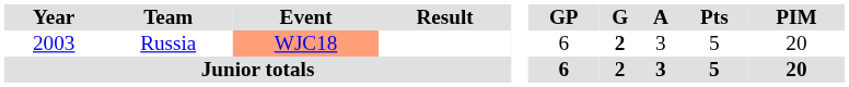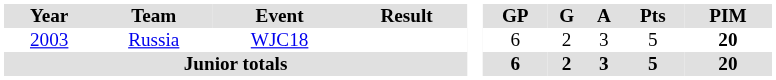 <table border="0" cellpadding="1" cellspacing="0" style="text-align:center; width:40em">
 <tr ALIGN="center" bgcolor="#e0e0e0">
 <th>Year</th>
 <th>Team</th>
 <th>Event</th>
 <th>Result</th>
 <th rowspan="99" bgcolor="#ffffff"> </th>
 <th>GP</th>
 <th>G</th>
 <th>A</th>
 <th>Pts</th>
 <th>PIM</th>
 </tr>
 <tr>
 <td><a href='#'>2003</a></td>
 <td><a href='#'>Russia</a></td>
-<td style="background: lightsalmon;"><a href='#'>WJC18</a></td>
+<td><a href='#'>WJC18</a></td>
 <td></td>
 <td>6</td>
-<td><strong>2</strong></td>
+<td>2</td>
 <td>3</td>
 <td>5</td>
-<td>20</td>
+<td><strong>20</strong></td>
 </tr>
 <tr bgcolor="#e0e0e0">
 <th colspan="4">Junior totals</th>
 <th>6</th>
 <th>2</th>
 <th>3</th>
 <th>5</th>
 <th>20</th>
 </tr>
 </table>
